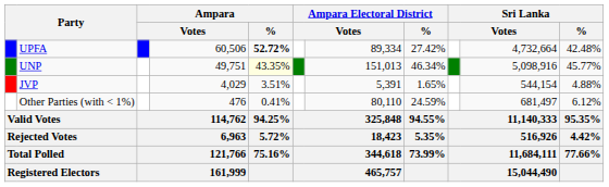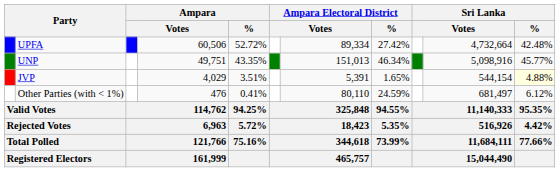 <table class="wikitable">
 <tr>
 <th colspan="2" width="144px"rowspan="2">Party</th>
 <th colspan="3" width="216px">Ampara</th>
 <th colspan="3" width="216px"><a href='#'>Ampara Electoral District</a></th>
 <th colspan="3" width="216px">Sri Lanka</th>
 </tr>
 <tr>
 <th colspan="2" width="144px">Votes</th>
 <th>%</th>
 <th colspan="2" width="144px">Votes</th>
 <th>%</th>
 <th colspan="2" width="144px">Votes</th>
 <th>%</th>
 </tr>
 <tr>
 <td style="background-color:blue;" width="10px"></td>
 <td style="text-align:left;"><a href='#'>UPFA</a></td>
 <td style="background-color:blue;" width="10px"></td>
 <td style="text-align:right;">60,506</td>
-<td style="text-align:right;"><strong>52.72%</strong></td>
+<td style="text-align:right;">52.72%</td>
 <td style="background-color:white;" width="10px"></td>
 <td style="text-align:right;">89,334</td>
 <td style="text-align:right;">27.42%</td>
 <td style="background-color:white;" width="10px"></td>
 <td style="text-align:right;">4,732,664</td>
 <td style="text-align:right;">42.48%</td>
 </tr>
 <tr>
 <td style="background-color:green;" width="10px"></td>
 <td style="text-align:left;"><a href='#'>UNP</a></td>
 <td style="background-color:white;" width="10px"></td>
 <td style="text-align:right;">49,751</td>
-<td style="background: lightyellow; text-align:right;">43.35%</td>
+<td style="text-align:right;">43.35%</td>
 <td style="background-color:green;" width="10px"></td>
 <td style="text-align:right;">151,013</td>
 <td style="text-align:right;">46.34%</td>
 <td style="background-color:green;" width="10px"></td>
 <td style="text-align:right;">5,098,916</td>
 <td style="text-align:right;">45.77%</td>
 </tr>
 <tr>
 <td style="background-color:red;" width="10px"></td>
 <td style="text-align:left;"><a href='#'>JVP</a></td>
 <td style="background-color:white;" width="10px"></td>
 <td style="text-align:right;">4,029</td>
 <td style="text-align:right;">3.51%</td>
 <td style="background-color:white;" width="10px"></td>
 <td style="text-align:right;">5,391</td>
 <td style="text-align:right;">1.65%</td>
 <td style="background-color:white;" width="10px"></td>
 <td style="text-align:right;">544,154</td>
-<td style="text-align:right;">4.88%</td>
+<td style="background: lightyellow; text-align:right;">4.88%</td>
 </tr>
 <tr>
 <td style="background-color:white;" width="10px"></td>
 <td style="text-align:left;">Other Parties (with < 1%)</td>
 <td style="background-color:white;" width="10px"></td>
 <td style="text-align:right;">476</td>
 <td style="text-align:right;">0.41%</td>
 <td style="background-color:white;" width="10px"></td>
 <td style="text-align:right;">80,110</td>
 <td style="text-align:right;">24.59%</td>
 <td style="background-color:white;" width="10px"></td>
 <td style="text-align:right;">681,497</td>
 <td style="text-align:right;">6.12%</td>
 </tr>
 <tr>
 <th colspan="2" width="144px"style="text-align:left;">Valid Votes</th>
 <th style="text-align:right;"colspan="2" width="144px">114,762</th>
 <th style="text-align:right;">94.25%</th>
 <th style="text-align:right;"colspan="2" width="144px">325,848</th>
 <th style="text-align:right;">94.55%</th>
 <th style="text-align:right;"colspan="2" width="144px">11,140,333</th>
 <th style="text-align:right;">95.35%</th>
 </tr>
 <tr>
 <th colspan="2" width="144px"style="text-align:left;">Rejected Votes</th>
 <th style="text-align:right;"colspan="2" width="144px">6,963</th>
 <th style="text-align:right;">5.72%</th>
 <th style="text-align:right;"colspan="2" width="144px">18,423</th>
 <th style="text-align:right;">5.35%</th>
 <th style="text-align:right;"colspan="2" width="144px">516,926</th>
 <th style="text-align:right;">4.42%</th>
 </tr>
 <tr>
 <th colspan="2" width="144px"style="text-align:left;">Total Polled</th>
 <th style="text-align:right;"colspan="2" width="144px">121,766</th>
 <th style="text-align:right;">75.16%</th>
 <th style="text-align:right;"colspan="2" width="144px">344,618</th>
 <th style="text-align:right;">73.99%</th>
 <th style="text-align:right;"colspan="2" width="144px">11,684,111</th>
 <th style="text-align:right;">77.66%</th>
 </tr>
 <tr>
 <th colspan="2" width="144px"style="text-align:left;">Registered Electors</th>
 <th style="text-align:right;"colspan="2" width="144px">161,999</th>
 <th></th>
 <th style="text-align:right;"colspan="2" width="144px">465,757</th>
 <th></th>
 <th style="text-align:right;"colspan="2" width="144px">15,044,490</th>
 <th></th>
 </tr>
 </table>
